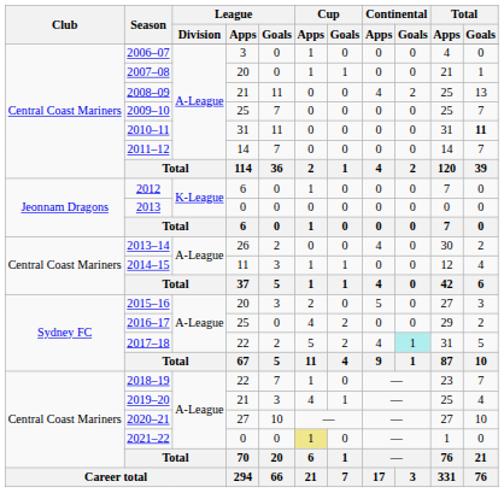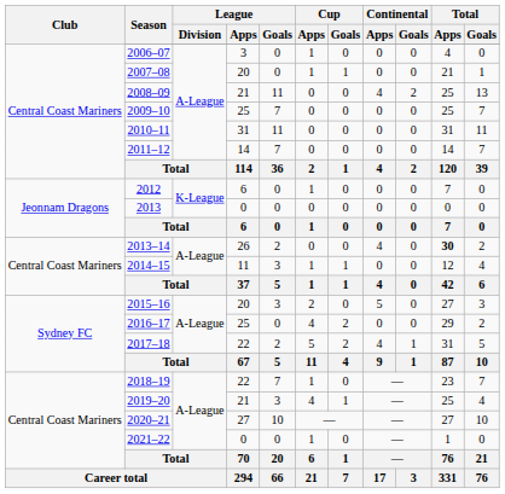 <table class="wikitable" style="text-align: center;">
 <tr>
 <th rowspan="2">Club</th>
 <th rowspan="2">Season</th>
 <th colspan="3">League</th>
 <th colspan="2">Cup</th>
 <th colspan="2">Continental</th>
 <th colspan="2">Total</th>
 </tr>
 <tr>
 <th>Division</th>
 <th>Apps</th>
 <th>Goals</th>
 <th>Apps</th>
 <th>Goals</th>
 <th>Apps</th>
 <th>Goals</th>
 <th>Apps</th>
 <th>Goals</th>
 </tr>
 <tr>
 <td rowspan="8" valign="center"><a href='#'>Central Coast Mariners</a></td>
 </tr>
 <tr>
 <td><a href='#'>2006–07</a></td>
 <td rowspan="6"><a href='#'>A-League</a></td>
 <td>3</td>
 <td>0</td>
 <td>1</td>
 <td>0</td>
 <td>0</td>
 <td>0</td>
 <td>4</td>
 <td>0</td>
 </tr>
 <tr>
 <td><a href='#'>2007–08</a></td>
 <td>20</td>
 <td>0</td>
 <td>1</td>
 <td>1</td>
 <td>0</td>
 <td>0</td>
 <td>21</td>
 <td>1</td>
 </tr>
 <tr>
 <td><a href='#'>2008–09</a></td>
 <td>21</td>
 <td>11</td>
 <td>0</td>
 <td>0</td>
 <td>4</td>
 <td>2</td>
 <td>25</td>
 <td>13</td>
 </tr>
 <tr>
 <td><a href='#'>2009–10</a></td>
 <td>25</td>
 <td>7</td>
 <td>0</td>
 <td>0</td>
 <td>0</td>
 <td>0</td>
 <td>25</td>
 <td>7</td>
 </tr>
 <tr>
 <td><a href='#'>2010–11</a></td>
 <td>31</td>
 <td>11</td>
 <td>0</td>
 <td>0</td>
 <td>0</td>
 <td>0</td>
 <td>31</td>
-<td><strong>11</strong></td>
+<td>11</td>
 </tr>
 <tr>
 <td><a href='#'>2011–12</a></td>
 <td>14</td>
 <td>7</td>
 <td>0</td>
 <td>0</td>
 <td>0</td>
 <td>0</td>
 <td>14</td>
 <td>7</td>
 </tr>
 <tr>
 <th colspan=2>Total</th>
 <th>114</th>
 <th>36</th>
 <th>2</th>
 <th>1</th>
 <th>4</th>
 <th>2</th>
 <th>120</th>
 <th>39</th>
 </tr>
 <tr>
 <td rowspan="3"><a href='#'>Jeonnam Dragons</a></td>
 <td><a href='#'>2012</a></td>
 <td rowspan="2"><a href='#'>K-League</a></td>
 <td>6</td>
 <td>0</td>
 <td>1</td>
 <td>0</td>
 <td>0</td>
 <td>0</td>
 <td>7</td>
 <td>0</td>
 </tr>
 <tr>
 <td><a href='#'>2013</a></td>
 <td>0</td>
 <td>0</td>
 <td>0</td>
 <td>0</td>
 <td>0</td>
 <td>0</td>
 <td>0</td>
 <td>0</td>
 </tr>
 <tr>
 <th colspan=2>Total</th>
 <th>6</th>
 <th>0</th>
 <th>1</th>
 <th>0</th>
 <th>0</th>
 <th>0</th>
 <th>7</th>
 <th>0</th>
 </tr>
 <tr>
 <td rowspan="3">Central Coast Mariners</td>
 <td><a href='#'>2013–14</a></td>
 <td rowspan="2">A-League</td>
 <td>26</td>
 <td>2</td>
 <td>0</td>
 <td>0</td>
 <td>4</td>
 <td>0</td>
-<td>30</td>
+<td><strong>30</strong></td>
 <td>2</td>
 </tr>
 <tr>
 <td><a href='#'>2014–15</a></td>
 <td>11</td>
 <td>3</td>
 <td>1</td>
 <td>1</td>
 <td>0</td>
 <td>0</td>
 <td>12</td>
 <td>4</td>
 </tr>
 <tr>
 <th colspan=2>Total</th>
 <th>37</th>
 <th>5</th>
 <th>1</th>
 <th>1</th>
 <th>4</th>
 <th>0</th>
 <th>42</th>
 <th>6</th>
 </tr>
 <tr>
 <td rowspan=4><a href='#'>Sydney FC</a></td>
 <td><a href='#'>2015–16</a></td>
 <td rowspan=3>A-League</td>
 <td>20</td>
 <td>3</td>
 <td>2</td>
 <td>0</td>
 <td>5</td>
 <td>0</td>
 <td>27</td>
 <td>3</td>
 </tr>
 <tr>
 <td><a href='#'>2016–17</a></td>
 <td>25</td>
 <td>0</td>
 <td>4</td>
 <td>2</td>
 <td>0</td>
 <td>0</td>
 <td>29</td>
 <td>2</td>
 </tr>
 <tr>
 <td><a href='#'>2017–18</a></td>
 <td>22</td>
 <td>2</td>
 <td>5</td>
 <td>2</td>
 <td>4</td>
-<td style="background: paleturquoise;">1</td>
+<td>1</td>
 <td>31</td>
 <td>5</td>
 </tr>
 <tr>
 <th colspan=2>Total</th>
 <th>67</th>
 <th>5</th>
 <th>11</th>
 <th>4</th>
 <th>9</th>
 <th>1</th>
 <th>87</th>
 <th>10</th>
 </tr>
 <tr>
 <td rowspan=5>Central Coast Mariners</td>
 <td><a href='#'>2018–19</a></td>
 <td rowspan=4>A-League</td>
 <td>22</td>
 <td>7</td>
 <td>1</td>
 <td>0</td>
 <td colspan="2">—</td>
 <td>23</td>
 <td>7</td>
 </tr>
 <tr>
 <td><a href='#'>2019–20</a></td>
 <td>21</td>
 <td>3</td>
 <td>4</td>
 <td>1</td>
 <td colspan="2">—</td>
 <td>25</td>
 <td>4</td>
 </tr>
 <tr>
 <td><a href='#'>2020–21</a></td>
 <td>27</td>
 <td>10</td>
 <td colspan="2">—</td>
 <td colspan="2">—</td>
 <td>27</td>
 <td>10</td>
 </tr>
 <tr>
 <td><a href='#'>2021–22</a></td>
 <td>0</td>
 <td>0</td>
-<td style="background: khaki;">1</td>
+<td>1</td>
 <td>0</td>
 <td colspan=2>—</td>
 <td>1</td>
 <td>0</td>
 </tr>
 <tr>
 <th colspan=2>Total</th>
 <th>70</th>
 <th>20</th>
 <th>6</th>
 <th>1</th>
 <th colspan="2">—</th>
 <th>76</th>
 <th>21</th>
 </tr>
 <tr>
 <th colspan="3">Career total</th>
 <th>294</th>
 <th>66</th>
 <th>21</th>
 <th>7</th>
 <th>17</th>
 <th>3</th>
 <th>331</th>
 <th>76</th>
 </tr>
 </table>
